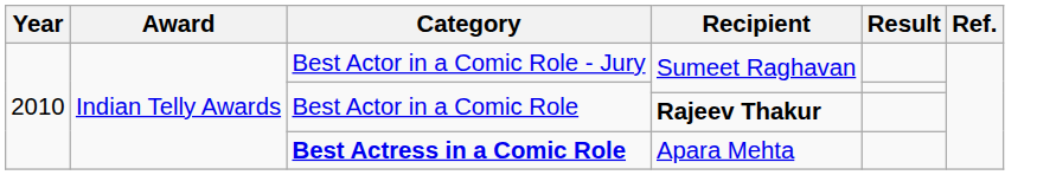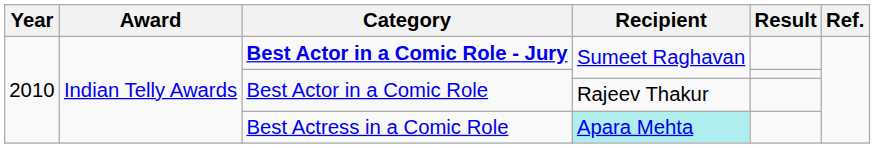 <table class="wikitable">
 <tr>
 <th>Year</th>
 <th>Award</th>
 <th>Category</th>
 <th>Recipient</th>
 <th>Result</th>
 <th>Ref.</th>
 </tr>
 <tr>
 <td rowspan="4">2010</td>
 <td rowspan="4"><a href='#'>Indian Telly Awards</a></td>
-<td><a href='#'>Best Actor in a Comic Role - Jury</a></td>
+<td><strong><a href='#'>Best Actor in a Comic Role - Jury</a></strong></td>
 <td rowspan="2"><a href='#'>Sumeet Raghavan</a></td>
 <td></td>
 <td rowspan="4"></td>
 </tr>
 <tr>
 <td rowspan="2"><a href='#'>Best Actor in a Comic Role</a></td>
 <td></td>
 </tr>
 <tr>
-<td><strong>Rajeev Thakur</strong></td>
+<td>Rajeev Thakur</td>
 <td></td>
 </tr>
 <tr>
-<td><strong><a href='#'>Best Actress in a Comic Role</a></strong></td>
-<td><a href='#'>Apara Mehta</a></td>
+<td><a href='#'>Best Actress in a Comic Role</a></td>
+<td style="background: paleturquoise;"><a href='#'>Apara Mehta</a></td>
 <td></td>
 </tr>
 </table>
